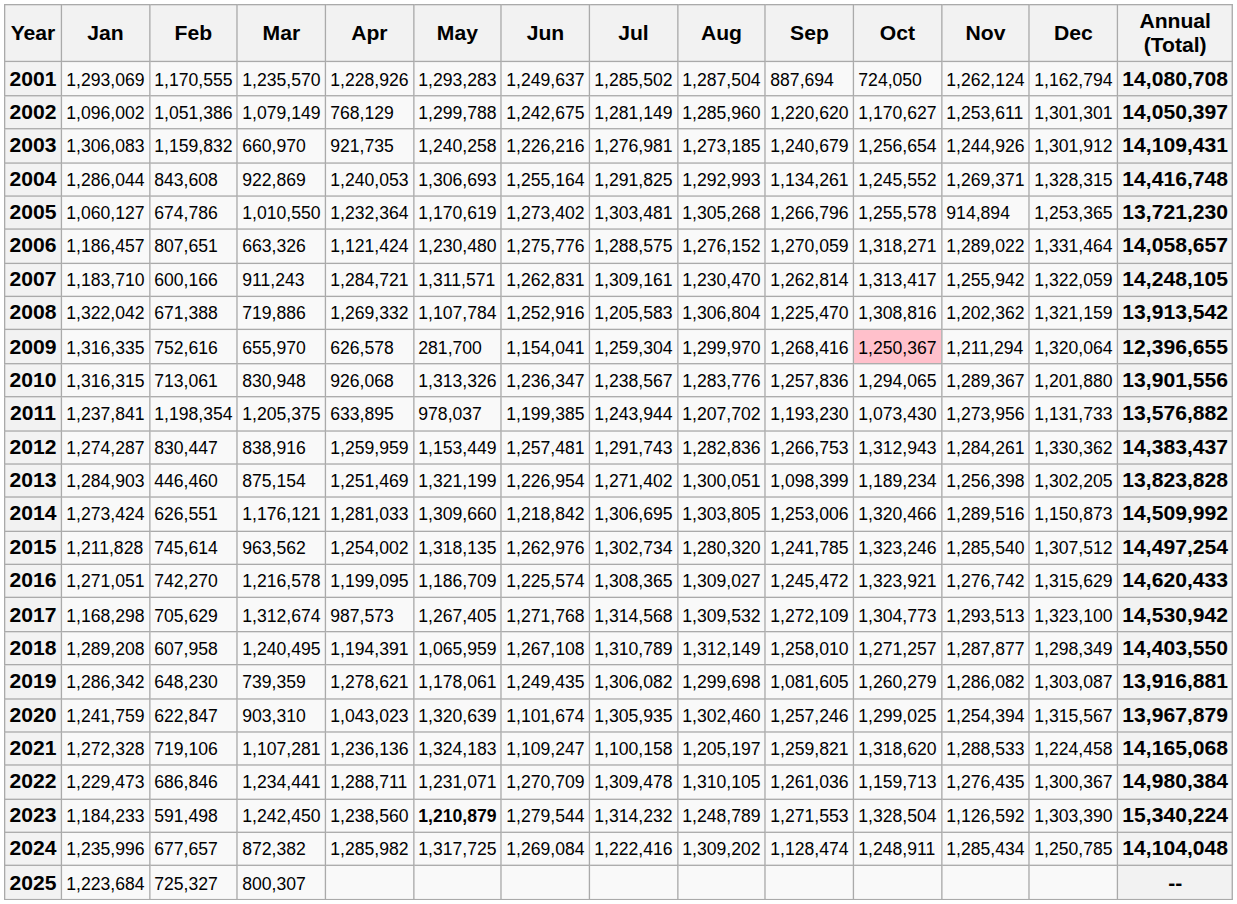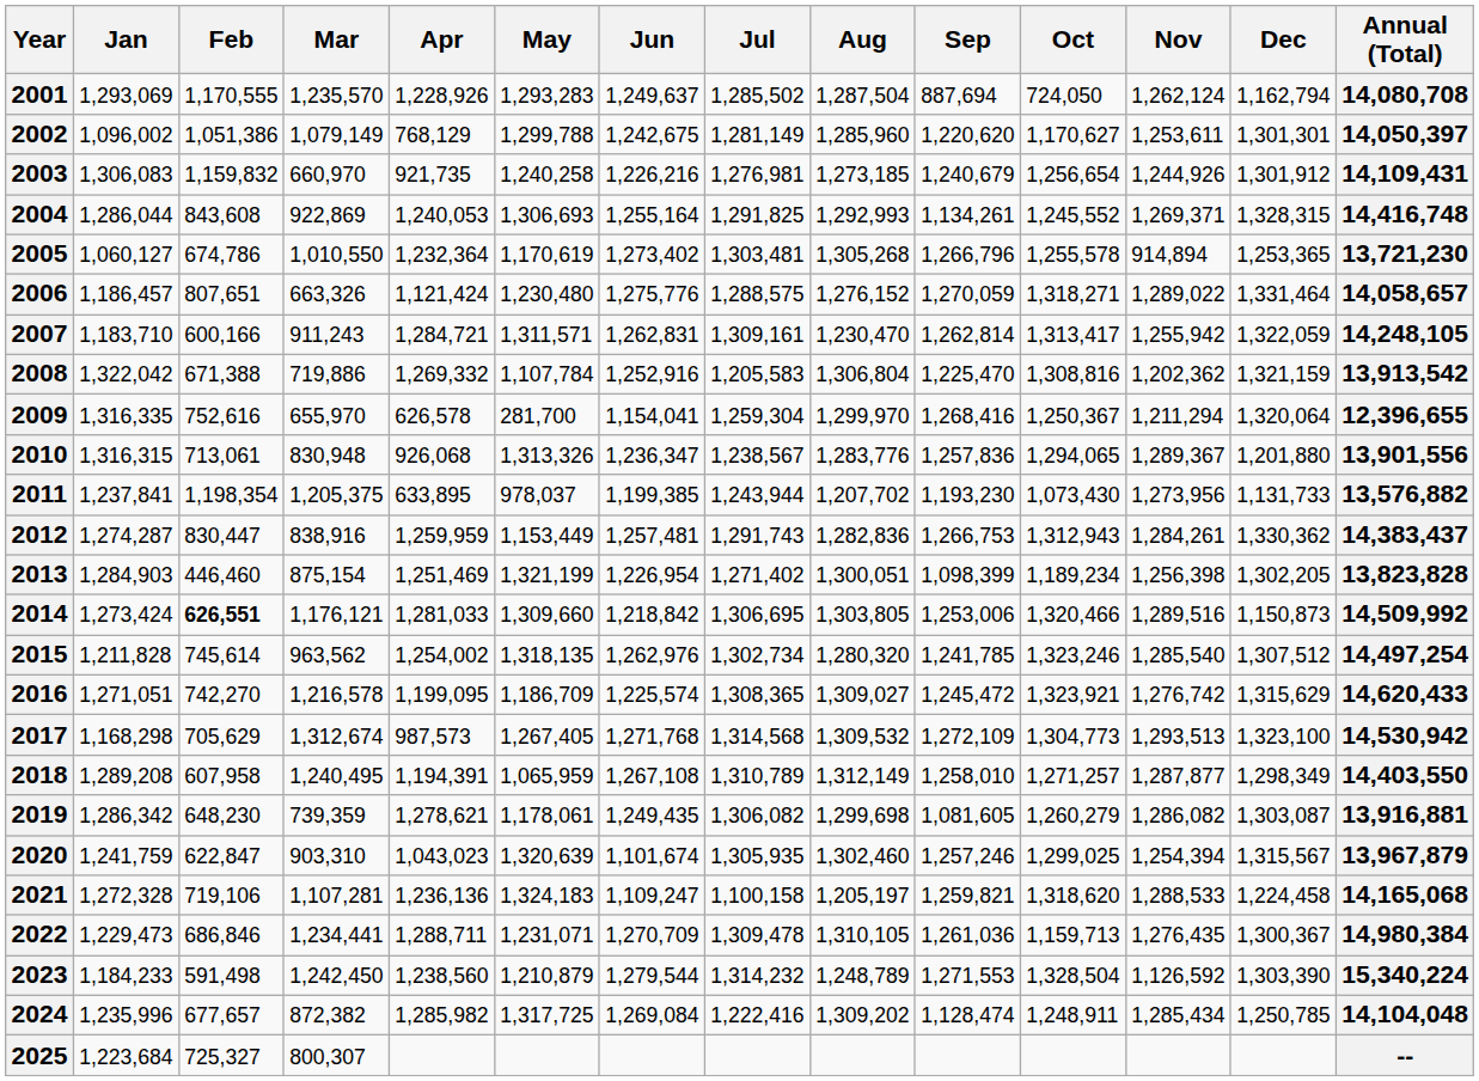 <table class="wikitable">
 <tr>
 <th>Year</th>
 <th>Jan</th>
 <th>Feb</th>
 <th>Mar</th>
 <th>Apr</th>
 <th>May</th>
 <th>Jun</th>
 <th>Jul</th>
 <th>Aug</th>
 <th>Sep</th>
 <th>Oct</th>
 <th>Nov</th>
 <th>Dec</th>
 <th>Annual (Total)</th>
 </tr>
 <tr>
 <th>2001</th>
 <td><small>1,293,069</small></td>
 <td><small>1,170,555</small></td>
 <td><small>1,235,570</small></td>
 <td><small>1,228,926</small></td>
 <td><small>1,293,283</small></td>
 <td><small>1,249,637</small></td>
 <td><small>1,285,502</small></td>
 <td><small>1,287,504</small></td>
 <td><small>887,694</small></td>
 <td><small>724,050</small></td>
 <td><small>1,262,124</small></td>
 <td><small>1,162,794</small></td>
 <th>14,080,708</th>
 </tr>
 <tr>
 <th>2002</th>
 <td><small>1,096,002</small></td>
 <td><small>1,051,386</small></td>
 <td><small>1,079,149</small></td>
 <td><small>768,129</small></td>
 <td><small>1,299,788</small></td>
 <td><small>1,242,675</small></td>
 <td><small>1,281,149</small></td>
 <td><small>1,285,960</small></td>
 <td><small>1,220,620</small></td>
 <td><small>1,170,627</small></td>
 <td><small>1,253,611</small></td>
 <td><small>1,301,301</small></td>
 <th>14,050,397</th>
 </tr>
 <tr>
 <th>2003</th>
 <td><small>1,306,083</small></td>
 <td><small>1,159,832</small></td>
 <td><small>660,970</small></td>
 <td><small>921,735</small></td>
 <td><small>1,240,258</small></td>
 <td><small>1,226,216</small></td>
 <td><small>1,276,981</small></td>
 <td><small>1,273,185</small></td>
 <td><small>1,240,679</small></td>
 <td><small>1,256,654</small></td>
 <td><small>1,244,926</small></td>
 <td><small>1,301,912</small></td>
 <th>14,109,431</th>
 </tr>
 <tr>
 <th>2004</th>
 <td><small>1,286,044</small></td>
 <td><small>843,608</small></td>
 <td><small>922,869</small></td>
 <td><small>1,240,053</small></td>
 <td><small>1,306,693</small></td>
 <td><small>1,255,164</small></td>
 <td><small>1,291,825</small></td>
 <td><small>1,292,993</small></td>
 <td><small>1,134,261</small></td>
 <td><small>1,245,552</small></td>
 <td><small>1,269,371</small></td>
 <td><small>1,328,315</small></td>
 <th>14,416,748</th>
 </tr>
 <tr>
 <th>2005</th>
 <td><small>1,060,127</small></td>
 <td><small>674,786</small></td>
 <td><small>1,010,550</small></td>
 <td><small>1,232,364</small></td>
 <td><small>1,170,619</small></td>
 <td><small>1,273,402</small></td>
 <td><small>1,303,481</small></td>
 <td><small>1,305,268</small></td>
 <td><small>1,266,796</small></td>
 <td><small>1,255,578</small></td>
 <td><small>914,894</small></td>
 <td><small>1,253,365</small></td>
 <th>13,721,230</th>
 </tr>
 <tr>
 <th>2006</th>
 <td><small>1,186,457</small></td>
 <td><small>807,651</small></td>
 <td><small>663,326</small></td>
 <td><small>1,121,424</small></td>
 <td><small>1,230,480</small></td>
 <td><small>1,275,776</small></td>
 <td><small>1,288,575</small></td>
 <td><small>1,276,152</small></td>
 <td><small>1,270,059</small></td>
 <td><small>1,318,271</small></td>
 <td><small>1,289,022</small></td>
 <td><small>1,331,464</small></td>
 <th>14,058,657</th>
 </tr>
 <tr>
 <th>2007</th>
 <td><small>1,183,710</small></td>
 <td><small>600,166</small></td>
 <td><small>911,243</small></td>
 <td><small>1,284,721</small></td>
 <td><small>1,311,571</small></td>
 <td><small>1,262,831</small></td>
 <td><small>1,309,161</small></td>
 <td><small>1,230,470</small></td>
 <td><small>1,262,814</small></td>
 <td><small>1,313,417</small></td>
 <td><small>1,255,942</small></td>
 <td><small>1,322,059</small></td>
 <th>14,248,105</th>
 </tr>
 <tr>
 <th>2008</th>
 <td><small>1,322,042</small></td>
 <td><small>671,388</small></td>
 <td><small>719,886</small></td>
 <td><small>1,269,332</small></td>
 <td><small>1,107,784</small></td>
 <td><small>1,252,916</small></td>
 <td><small>1,205,583</small></td>
 <td><small>1,306,804</small></td>
 <td><small>1,225,470</small></td>
 <td><small>1,308,816</small></td>
 <td><small>1,202,362</small></td>
 <td><small>1,321,159</small></td>
 <th>13,913,542</th>
 </tr>
 <tr>
 <th>2009</th>
 <td><small>1,316,335</small></td>
 <td><small>752,616</small></td>
 <td><small>655,970</small></td>
 <td><small>626,578</small></td>
 <td><small>281,700</small></td>
 <td><small>1,154,041</small></td>
 <td><small>1,259,304</small></td>
 <td><small>1,299,970</small></td>
 <td><small>1,268,416</small></td>
-<td style="background: pink;"><small>1,250,367</small></td>
+<td><small>1,250,367</small></td>
 <td><small>1,211,294</small></td>
 <td><small>1,320,064</small></td>
 <th>12,396,655</th>
 </tr>
 <tr>
 <th>2010</th>
 <td><small>1,316,315</small></td>
 <td><small>713,061</small></td>
 <td><small>830,948</small></td>
 <td><small>926,068</small></td>
 <td><small>1,313,326</small></td>
 <td><small>1,236,347</small></td>
 <td><small>1,238,567</small></td>
 <td><small>1,283,776</small></td>
 <td><small>1,257,836</small></td>
 <td><small>1,294,065</small></td>
 <td><small>1,289,367</small></td>
 <td><small>1,201,880</small></td>
 <th>13,901,556</th>
 </tr>
 <tr>
 <th>2011</th>
 <td><small>1,237,841</small></td>
 <td><small>1,198,354</small></td>
 <td><small>1,205,375</small></td>
 <td><small>633,895</small></td>
 <td><small>978,037</small></td>
 <td><small>1,199,385</small></td>
 <td><small>1,243,944</small></td>
 <td><small>1,207,702</small></td>
 <td><small>1,193,230</small></td>
 <td><small>1,073,430</small></td>
 <td><small>1,273,956</small></td>
 <td><small>1,131,733</small></td>
 <th>13,576,882</th>
 </tr>
 <tr>
 <th>2012</th>
 <td><small>1,274,287</small></td>
 <td><small>830,447</small></td>
 <td><small>838,916</small></td>
 <td><small>1,259,959</small></td>
 <td><small>1,153,449</small></td>
 <td><small>1,257,481</small></td>
 <td><small>1,291,743</small></td>
 <td><small>1,282,836</small></td>
 <td><small>1,266,753</small></td>
 <td><small>1,312,943</small></td>
 <td><small>1,284,261</small></td>
 <td><small>1,330,362</small></td>
 <th>14,383,437</th>
 </tr>
 <tr>
 <th>2013</th>
 <td><small>1,284,903</small></td>
 <td><small>446,460</small></td>
 <td><small>875,154</small></td>
 <td><small>1,251,469</small></td>
 <td><small>1,321,199</small></td>
 <td><small>1,226,954</small></td>
 <td><small>1,271,402</small></td>
 <td><small>1,300,051</small></td>
 <td><small>1,098,399</small></td>
 <td><small>1,189,234</small></td>
 <td><small>1,256,398</small></td>
 <td><small>1,302,205</small></td>
 <th>13,823,828</th>
 </tr>
 <tr>
 <th>2014</th>
 <td><small>1,273,424</small></td>
-<td><small>626,551</small></td>
+<td><strong><small>626,551</small></strong></td>
 <td><small>1,176,121</small></td>
 <td><small>1,281,033</small></td>
 <td><small>1,309,660</small></td>
 <td><small>1,218,842</small></td>
 <td><small>1,306,695</small></td>
 <td><small>1,303,805</small></td>
 <td><small>1,253,006</small></td>
 <td><small>1,320,466</small></td>
 <td><small>1,289,516</small></td>
 <td><small>1,150,873</small></td>
 <th>14,509,992</th>
 </tr>
 <tr>
 <th>2015</th>
 <td><small>1,211,828</small></td>
 <td><small>745,614</small></td>
 <td><small>963,562</small></td>
 <td><small>1,254,002</small></td>
 <td><small>1,318,135</small></td>
 <td><small>1,262,976</small></td>
 <td><small>1,302,734</small></td>
 <td><small>1,280,320</small></td>
 <td><small>1,241,785</small></td>
 <td><small>1,323,246</small></td>
 <td><small>1,285,540</small></td>
 <td><small>1,307,512</small></td>
 <th>14,497,254</th>
 </tr>
 <tr>
 <th>2016</th>
 <td><small>1,271,051</small></td>
 <td><small>742,270</small></td>
 <td><small>1,216,578</small></td>
 <td><small>1,199,095</small></td>
 <td><small>1,186,709</small></td>
 <td><small>1,225,574</small></td>
 <td><small>1,308,365</small></td>
 <td><small>1,309,027</small></td>
 <td><small>1,245,472</small></td>
 <td><small>1,323,921</small></td>
 <td><small>1,276,742</small></td>
 <td><small>1,315,629</small></td>
 <th>14,620,433</th>
 </tr>
 <tr>
 <th>2017</th>
 <td><small>1,168,298</small></td>
 <td><small>705,629</small></td>
 <td><small>1,312,674</small></td>
 <td><small>987,573</small></td>
 <td><small>1,267,405</small></td>
 <td><small>1,271,768</small></td>
 <td><small>1,314,568</small></td>
 <td><small>1,309,532</small></td>
 <td><small>1,272,109</small></td>
 <td><small>1,304,773</small></td>
 <td><small>1,293,513</small></td>
 <td><small>1,323,100</small></td>
 <th>14,530,942</th>
 </tr>
 <tr>
 <th>2018</th>
 <td><small>1,289,208</small></td>
 <td><small>607,958</small></td>
 <td><small>1,240,495</small></td>
 <td><small>1,194,391</small></td>
 <td><small>1,065,959</small></td>
 <td><small>1,267,108</small></td>
 <td><small>1,310,789</small></td>
 <td><small>1,312,149</small></td>
 <td><small>1,258,010</small></td>
 <td><small>1,271,257</small></td>
 <td><small>1,287,877</small></td>
 <td><small>1,298,349</small></td>
 <th>14,403,550</th>
 </tr>
 <tr>
 <th>2019</th>
 <td><small>1,286,342</small></td>
 <td><small>648,230</small></td>
 <td><small>739,359</small></td>
 <td><small>1,278,621</small></td>
 <td><small>1,178,061</small></td>
 <td><small>1,249,435</small></td>
 <td><small>1,306,082</small></td>
 <td><small>1,299,698</small></td>
 <td><small>1,081,605</small></td>
 <td><small>1,260,279</small></td>
 <td><small>1,286,082</small></td>
 <td><small>1,303,087</small></td>
 <th>13,916,881</th>
 </tr>
 <tr>
 <th>2020</th>
 <td><small>1,241,759</small></td>
 <td><small>622,847</small></td>
 <td><small>903,310</small></td>
 <td><small>1,043,023</small></td>
 <td><small>1,320,639</small></td>
 <td><small>1,101,674</small></td>
 <td><small>1,305,935</small></td>
 <td><small>1,302,460</small></td>
 <td><small>1,257,246</small></td>
 <td><small>1,299,025</small></td>
 <td><small>1,254,394</small></td>
 <td><small>1,315,567</small></td>
 <th>13,967,879</th>
 </tr>
 <tr>
 <th>2021</th>
 <td><small>1,272,328</small></td>
 <td><small>719,106</small></td>
 <td><small>1,107,281</small></td>
 <td><small>1,236,136</small></td>
 <td><small>1,324,183</small></td>
 <td><small>1,109,247</small></td>
 <td><small>1,100,158</small></td>
 <td><small>1,205,197</small></td>
 <td><small>1,259,821</small></td>
 <td><small>1,318,620</small></td>
 <td><small>1,288,533</small></td>
 <td><small>1,224,458</small></td>
 <th>14,165,068</th>
 </tr>
 <tr>
 <th>2022</th>
 <td><small>1,229,473</small></td>
 <td><small>686,846</small></td>
 <td><small>1,234,441</small></td>
 <td><small>1,288,711</small></td>
 <td><small>1,231,071</small></td>
 <td><small>1,270,709</small></td>
 <td><small>1,309,478</small></td>
 <td><small>1,310,105</small></td>
 <td><small>1,261,036</small></td>
 <td><small>1,159,713</small></td>
 <td><small>1,276,435</small></td>
 <td><small>1,300,367</small></td>
 <th>14,980,384</th>
 </tr>
 <tr>
 <th>2023</th>
 <td><small>1,184,233</small></td>
 <td><small>591,498</small></td>
 <td><small>1,242,450</small></td>
 <td><small>1,238,560</small></td>
-<td><strong><small>1,210,879</small></strong></td>
+<td><small>1,210,879</small></td>
 <td><small>1,279,544</small></td>
 <td><small>1,314,232</small></td>
 <td><small>1,248,789</small></td>
 <td><small>1,271,553</small></td>
 <td><small>1,328,504</small></td>
 <td><small>1,126,592</small></td>
 <td><small>1,303,390</small></td>
 <th>15,340,224</th>
 </tr>
 <tr>
 <th>2024</th>
 <td><small>1,235,996</small></td>
 <td><small>677,657</small></td>
 <td><small>872,382</small></td>
 <td><small>1,285,982</small></td>
 <td><small>1,317,725</small></td>
 <td><small>1,269,084</small></td>
 <td><small>1,222,416</small></td>
 <td><small>1,309,202</small></td>
 <td><small>1,128,474</small></td>
 <td><small>1,248,911</small></td>
 <td><small>1,285,434</small></td>
 <td><small>1,250,785</small></td>
 <th>14,104,048</th>
 </tr>
 <tr>
 <th>2025</th>
 <td><small>1,223,684</small></td>
 <td><small>725,327</small></td>
 <td><small>800,307</small></td>
 <td><small></small></td>
 <td><small></small></td>
 <td><small></small></td>
 <td><small></small></td>
 <td><small></small></td>
 <td><small></small></td>
 <td><small></small></td>
 <td><small></small></td>
 <td><small></small></td>
 <th>--</th>
 </tr>
 <tr>
 </tr>
 </table>
